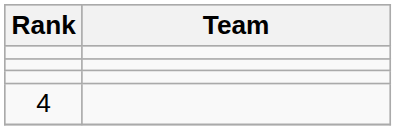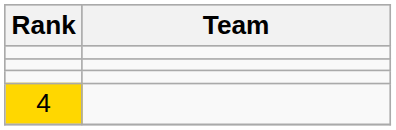 <table class="wikitable" style="text-align:center;">
 <tr>
 <th width=40>Rank</th>
 <th width=180>Team</th>
 </tr>
 <tr>
 <td></td>
 <td align=left></td>
 </tr>
 <tr>
 <td></td>
 <td align=left></td>
 </tr>
 <tr>
 <td></td>
 <td align=left></td>
 </tr>
 <tr>
-<td>4</td>
+<td style="background: gold;">4</td>
 <td align=left></td>
 </tr>
 <tr>
 </tr>
 </table>
